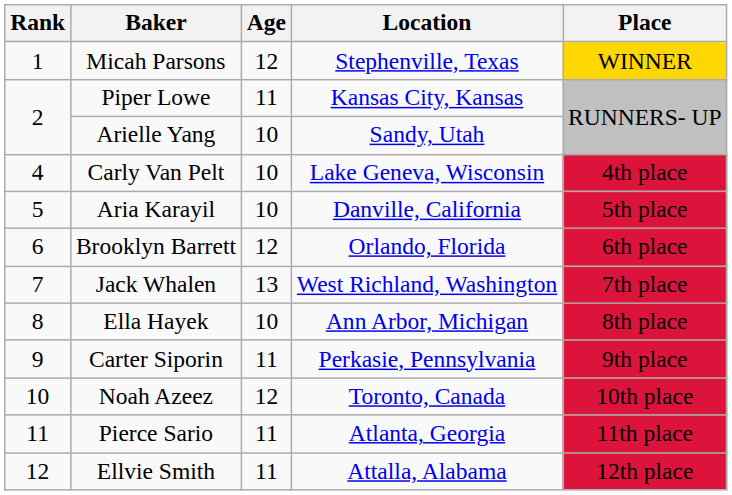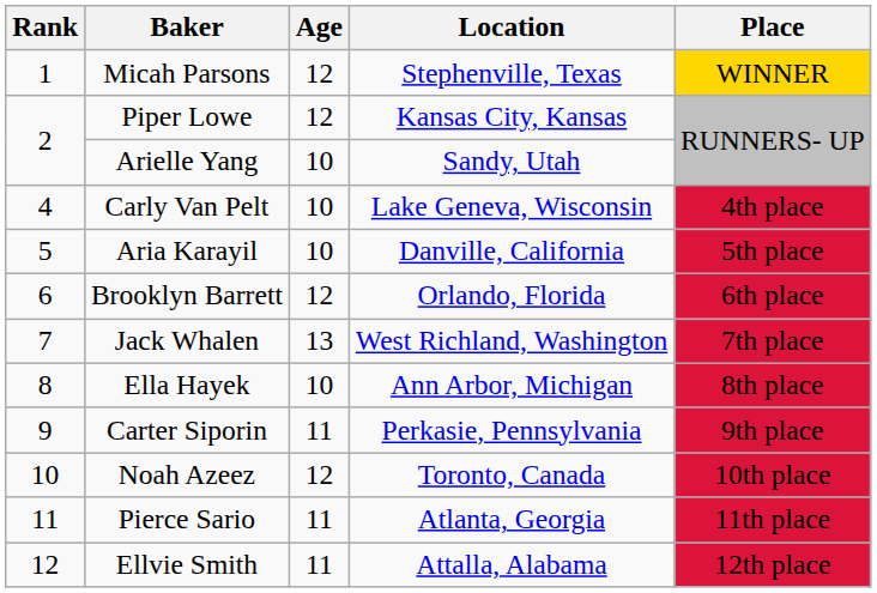 <table class="wikitable" style="text-align:center;">
 <tr>
 <th>Rank</th>
 <th>Baker</th>
 <th>Age</th>
 <th>Location</th>
 <th>Place</th>
 </tr>
 <tr>
 <td>1</td>
 <td>Micah Parsons</td>
 <td>12</td>
 <td><a href='#'>Stephenville, Texas</a></td>
 <td style="background:gold">WINNER</td>
 </tr>
 <tr>
 <td rowspan="2">2</td>
 <td>Piper Lowe</td>
-<td>11</td>
+<td>12</td>
 <td><a href='#'>Kansas City, Kansas</a></td>
 <td rowspan="2" style="background:silver">RUNNERS- UP</td>
 </tr>
 <tr>
 <td>Arielle Yang</td>
 <td>10</td>
 <td><a href='#'>Sandy, Utah</a></td>
 </tr>
 <tr>
 <td>4</td>
 <td>Carly Van Pelt</td>
 <td>10</td>
 <td><a href='#'>Lake Geneva, Wisconsin</a></td>
 <td style="background:crimson">4th place</td>
 </tr>
 <tr>
 <td>5</td>
 <td>Aria Karayil</td>
 <td>10</td>
 <td><a href='#'>Danville, California</a></td>
 <td style="background:crimson">5th place</td>
 </tr>
 <tr>
 <td>6</td>
 <td>Brooklyn Barrett</td>
 <td>12</td>
 <td><a href='#'>Orlando, Florida</a></td>
 <td style="background:crimson">6th place</td>
 </tr>
 <tr>
 <td>7</td>
 <td>Jack Whalen</td>
 <td>13</td>
 <td><a href='#'>West Richland, Washington</a></td>
 <td style="background:crimson">7th place</td>
 </tr>
 <tr>
 <td>8</td>
 <td>Ella Hayek</td>
 <td>10</td>
 <td><a href='#'>Ann Arbor, Michigan</a></td>
 <td style="background:crimson">8th place</td>
 </tr>
 <tr>
 <td>9</td>
 <td>Carter Siporin</td>
 <td>11</td>
 <td><a href='#'>Perkasie, Pennsylvania</a></td>
 <td style="background:crimson">9th place</td>
 </tr>
 <tr>
 <td>10</td>
 <td>Noah Azeez</td>
 <td>12</td>
 <td><a href='#'>Toronto, Canada</a></td>
 <td style="background:crimson">10th place</td>
 </tr>
 <tr>
 <td>11</td>
 <td>Pierce Sario</td>
 <td>11</td>
 <td><a href='#'>Atlanta, Georgia</a></td>
 <td style="background:crimson">11th place</td>
 </tr>
 <tr>
 <td>12</td>
 <td>Ellvie Smith</td>
 <td>11</td>
 <td><a href='#'>Attalla, Alabama</a></td>
 <td style="background:crimson">12th place</td>
 </tr>
 </table>
